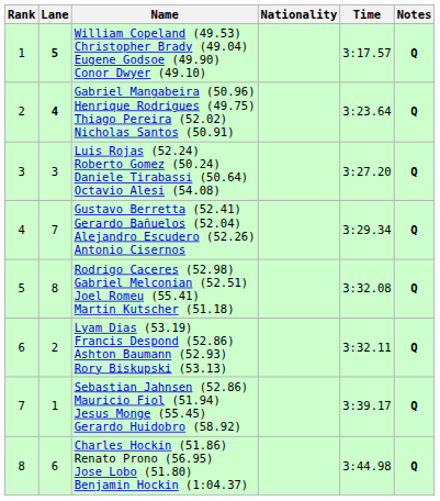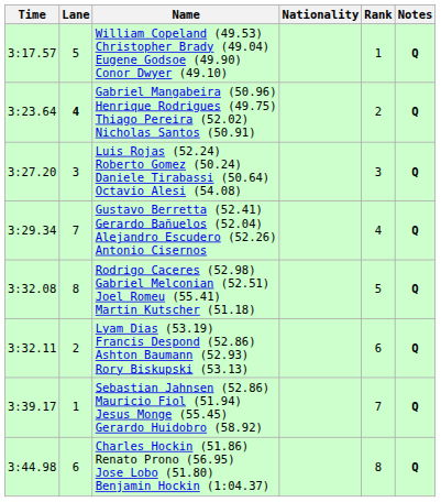 <table class="wikitable sortable" style="text-align:center">
 <tr>
-<th>Rank</th>
+<th>Time</th>
 <th>Lane</th>
 <th>Name</th>
 <th>Nationality</th>
-<th>Time</th>
+<th>Rank</th>
 <th>Notes</th>
 </tr>
 <tr bgcolor=ccffcc>
-<td>1</td>
-<td><strong>5</strong></td>
+<td>3:17.57</td>
+<td>5</td>
 <td align=left><a href='#'>William Copeland</a> (49.53)<br><a href='#'>Christopher Brady</a> (49.04)<br><a href='#'>Eugene Godsoe</a> (49.90)<br><a href='#'>Conor Dwyer</a> (49.10)</td>
 <td align=left></td>
-<td>3:17.57</td>
+<td>1</td>
 <td><strong>Q</strong></td>
 </tr>
 <tr bgcolor=ccffcc>
-<td>2</td>
+<td>3:23.64</td>
 <td><strong>4</strong></td>
 <td align=left><a href='#'>Gabriel Mangabeira</a> (50.96)<br><a href='#'>Henrique Rodrigues</a> (49.75)<br><a href='#'>Thiago Pereira</a> (52.02)<br><a href='#'>Nicholas Santos</a> (50.91)</td>
 <td align=left></td>
-<td>3:23.64</td>
+<td>2</td>
 <td><strong>Q</strong></td>
 </tr>
 <tr bgcolor=ccffcc>
-<td>3</td>
+<td>3:27.20</td>
 <td>3</td>
 <td align=left><a href='#'>Luis Rojas</a> (52.24)<br><a href='#'>Roberto Gomez</a> (50.24)<br><a href='#'>Daniele Tirabassi</a> (50.64)<br><a href='#'>Octavio Alesi</a> (54.08)</td>
 <td align=left></td>
-<td>3:27.20</td>
+<td>3</td>
 <td><strong>Q</strong></td>
 </tr>
 <tr bgcolor=ccffcc>
-<td>4</td>
+<td>3:29.34</td>
 <td>7</td>
 <td align=left><a href='#'>Gustavo Berretta</a> (52.41)<br><a href='#'>Gerardo Bañuelos</a> (52.04)<br><a href='#'>Alejandro Escudero</a> (52.26)<br><a href='#'>Antonio Cisernos</a></td>
 <td align=left></td>
-<td>3:29.34</td>
+<td>4</td>
 <td><strong>Q</strong></td>
 </tr>
 <tr bgcolor=ccffcc>
-<td>5</td>
+<td>3:32.08</td>
 <td>8</td>
 <td align=left><a href='#'>Rodrigo Caceres</a> (52.98)<br><a href='#'>Gabriel Melconian</a> (52.51)<br><a href='#'>Joel Romeu</a> (55.41)<br><a href='#'>Martin Kutscher</a> (51.18)</td>
 <td align=left></td>
-<td>3:32.08</td>
+<td>5</td>
 <td><strong>Q</strong></td>
 </tr>
 <tr bgcolor=ccffcc>
-<td>6</td>
+<td>3:32.11</td>
 <td>2</td>
 <td align=left><a href='#'>Lyam Dias</a> (53.19)<br><a href='#'>Francis Despond</a> (52.86)<br><a href='#'>Ashton Baumann</a> (52.93)<br><a href='#'>Rory Biskupski</a> (53.13)</td>
 <td align=left></td>
-<td>3:32.11</td>
+<td>6</td>
 <td><strong>Q</strong></td>
 </tr>
 <tr bgcolor=ccffcc>
-<td>7</td>
+<td>3:39.17</td>
 <td>1</td>
 <td align=left><a href='#'>Sebastian Jahnsen</a> (52.86)<br><a href='#'>Mauricio Fiol</a> (51.94)<br><a href='#'>Jesus Monge</a> (55.45)<br><a href='#'>Gerardo Huidobro</a> (58.92)</td>
 <td align=left></td>
-<td>3:39.17</td>
+<td>7</td>
 <td><strong>Q</strong></td>
 </tr>
 <tr bgcolor=ccffcc>
-<td>8</td>
+<td>3:44.98</td>
 <td>6</td>
 <td align=left><a href='#'>Charles Hockin</a> (51.86)<br>Renato Prono (56.95)<br><a href='#'>Jose Lobo</a> (51.80)<br><a href='#'>Benjamin Hockin</a> (1:04.37)</td>
 <td align=left></td>
-<td>3:44.98</td>
+<td>8</td>
 <td><strong>Q</strong></td>
 </tr>
 </table>
